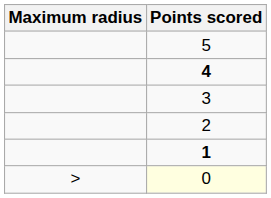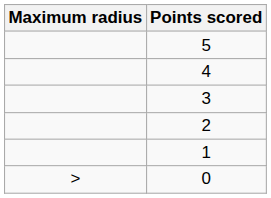 <table class="wikitable" style="text-align:center; margin: 0.9em 1.5em 0.36em 0em;">
 <tr>
 <th>Maximum radius</th>
 <th>Points scored</th>
 </tr>
 <tr>
 <td></td>
 <td>5</td>
 </tr>
 <tr>
 <td></td>
-<td><strong>4</strong></td>
+<td>4</td>
 </tr>
 <tr>
 <td></td>
 <td>3</td>
 </tr>
 <tr>
 <td></td>
 <td>2</td>
 </tr>
 <tr>
 <td></td>
-<td><strong>1</strong></td>
+<td>1</td>
 </tr>
 <tr>
 <td>> </td>
-<td style="background: lightyellow;">0</td>
+<td>0</td>
 </tr>
 </table>
